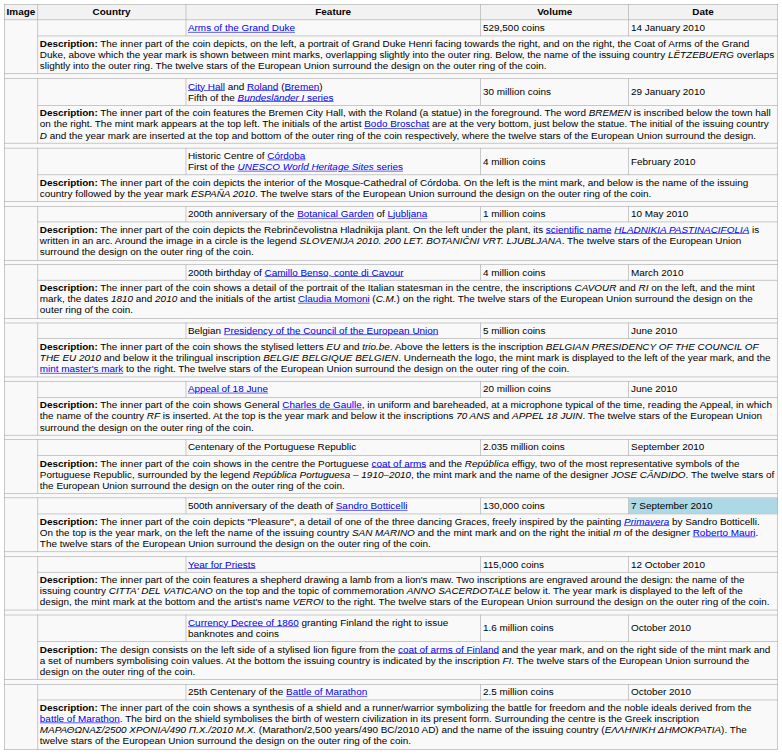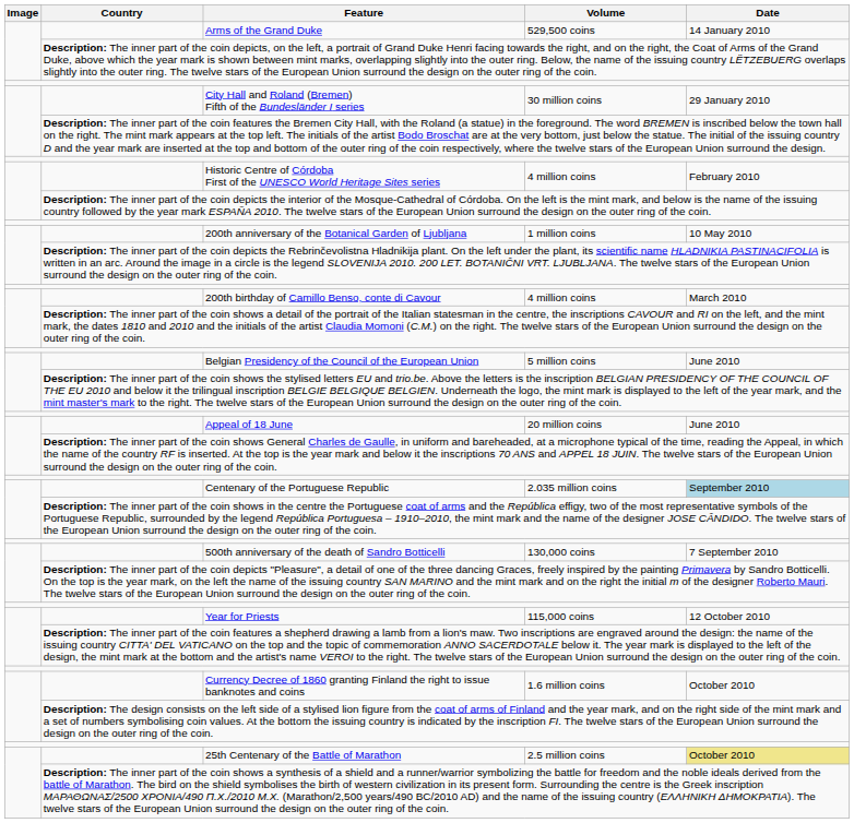 <table class="wikitable">
 <tr>
 <th>Image</th>
 <th>Country</th>
 <th>Feature</th>
 <th>Volume</th>
 <th>Date</th>
 </tr>
 <tr>
 <td style="width:160px;" rowspan="2"></td>
 <td style="width:20%;"></td>
 <td style="width:40%;"><a href='#'>Arms of the Grand Duke</a></td>
 <td style="width:20%;">529,500 coins</td>
 <td style="width:20%;">14 January 2010</td>
 </tr>
 <tr>
 <td colspan="5"><strong>Description:</strong> The inner part of the coin depicts, on the left, a portrait of Grand Duke Henri facing towards the right, and on the right, the Coat of Arms of the Grand Duke, above which the year mark is shown between mint marks, overlapping slightly into the outer ring. Below, the name of the issuing country <em>LËTZEBUERG</em> overlaps slightly into the outer ring. The twelve stars of the European Union surround the design on the outer ring of the coin.</td>
 </tr>
 <tr>
 <td colspan="5"></td>
 </tr>
 <tr>
 <td style="width:160px;" rowspan="2"></td>
 <td style="width:20%;"></td>
 <td style="width:40%;"><a href='#'>City Hall</a> and <a href='#'>Roland</a> (<a href='#'>Bremen</a>)<br>Fifth of the <a href='#'><em>Bundesländer I</em> series</a></td>
 <td style="width:20%;">30 million coins</td>
 <td style="width:20%;">29 January 2010</td>
 </tr>
 <tr>
 <td colspan="5"><strong>Description:</strong> The inner part of the coin features the Bremen City Hall, with the Roland (a statue) in the foreground. The word <em>BREMEN</em> is inscribed below the town hall on the right. The mint mark appears at the top left. The initials of the artist <a href='#'>Bodo Broschat</a> are at the very bottom, just below the statue. The initial of the issuing country <em>D</em> and the year mark are inserted at the top and bottom of the outer ring of the coin respectively, where the twelve stars of the European Union surround the design.</td>
 </tr>
 <tr>
 <td colspan="5"></td>
 </tr>
 <tr>
 <td style="width:160px;" rowspan="2"></td>
 <td style="width:20%;"></td>
 <td style="width:40%;">Historic Centre of <a href='#'>Córdoba</a><br>First of the <a href='#'><em>UNESCO World Heritage Sites</em> series</a></td>
 <td style="width:20%;">4 million coins</td>
 <td style="width:20%;">February 2010</td>
 </tr>
 <tr>
 <td colspan="5"><strong>Description:</strong> The inner part of the coin depicts the interior of the Mosque-Cathedral of Córdoba. On the left is the mint mark, and below is the name of the issuing country followed by the year mark <em>ESPAÑA 2010</em>. The twelve stars of the European Union surround the design on the outer ring of the coin.</td>
 </tr>
 <tr>
 <td colspan="5"></td>
 </tr>
 <tr>
 <td style="width:160px;" rowspan="2"></td>
 <td style="width:20%;"></td>
 <td style="width:40%;">200th anniversary of the <a href='#'>Botanical Garden</a> of <a href='#'>Ljubljana</a></td>
 <td style="width:20%;">1 million coins</td>
 <td style="width:20%;">10 May 2010</td>
 </tr>
 <tr>
 <td colspan="5"><strong>Description:</strong> The inner part of the coin depicts the Rebrinčevolistna Hladnikija plant. On the left under the plant, its <a href='#'>scientific name</a> <em><a href='#'>HLADNIKIA PASTINACIFOLIA</a></em> is written in an arc. Around the image in a circle is the legend <em>SLOVENIJA 2010. 200 LET. BOTANIČNI VRT. LJUBLJANA</em>. The twelve stars of the European Union surround the design on the outer ring of the coin.</td>
 </tr>
 <tr>
 <td colspan="5"></td>
 </tr>
 <tr>
 <td style="width:160px;" rowspan="2"></td>
 <td style="width:20%;"></td>
 <td style="width:40%;">200th birthday of <a href='#'>Camillo Benso, conte di Cavour</a></td>
 <td style="width:20%;">4 million coins</td>
 <td style="width:20%;">March 2010</td>
 </tr>
 <tr>
 <td colspan="5"><strong>Description:</strong> The inner part of the coin shows a detail of the portrait of the Italian statesman in the centre, the inscriptions <em>CAVOUR</em> and <em>RI</em> on the left, and the mint mark, the dates <em>1810</em> and <em>2010</em> and the initials of the artist <a href='#'>Claudia Momoni</a> (<em>C.M.</em>) on the right. The twelve stars of the European Union surround the design on the outer ring of the coin.</td>
 </tr>
 <tr>
 <td colspan="5"></td>
 </tr>
 <tr>
 <td style="width:160px;" rowspan="2"></td>
 <td style="width:20%;"></td>
 <td style="width:40%;">Belgian <a href='#'>Presidency of the Council of the European Union</a></td>
 <td style="width:20%;">5 million coins</td>
 <td style="width:20%;">June 2010</td>
 </tr>
 <tr>
 <td colspan="5"><strong>Description:</strong> The inner part of the coin shows the stylised letters <em>EU</em> and <em>trio.be</em>. Above the letters is the inscription <em>BELGIAN PRESIDENCY OF THE COUNCIL OF THE EU 2010</em> and below it the trilingual inscription <em>BELGIE BELGIQUE BELGIEN</em>. Underneath the logo, the mint mark is displayed to the left of the year mark, and the <a href='#'>mint master's mark</a> to the right. The twelve stars of the European Union surround the design on the outer ring of the coin.</td>
 </tr>
 <tr>
 <td colspan="5"></td>
 </tr>
 <tr>
 <td style="width:160px;" rowspan="2"></td>
 <td style="width:20%;"></td>
 <td style="width:40%;"><a href='#'>Appeal of 18 June</a></td>
 <td style="width:20%;">20 million coins</td>
 <td style="width:20%;">June 2010</td>
 </tr>
 <tr>
 <td colspan="5"><strong>Description:</strong> The inner part of the coin shows General <a href='#'>Charles de Gaulle</a>, in uniform and bareheaded, at a microphone typical of the time, reading the Appeal, in which the name of the country <em>RF</em> is inserted. At the top is the year mark and below it the inscriptions <em>70 ANS</em> and <em>APPEL 18 JUIN</em>. The twelve stars of the European Union surround the design on the outer ring of the coin.</td>
 </tr>
 <tr>
 <td colspan="5"></td>
 </tr>
 <tr>
 <td style="width:160px;" rowspan="2"></td>
 <td style="width:20%;"></td>
 <td style="width:40%;">Centenary of the Portuguese Republic</td>
 <td style="width:20%;">2.035 million coins</td>
-<td style="width:20%;">September 2010</td>
+<td style="background: lightblue; width:20%;">September 2010</td>
 </tr>
 <tr>
 <td colspan="5"><strong>Description:</strong> The inner part of the coin shows in the centre the Portuguese <a href='#'>coat of arms</a> and the <em>República</em> effigy, two of the most representative symbols of the Portuguese Republic, surrounded by the legend <em>República Portuguesa – 1910–2010</em>, the mint mark and the name of the designer <em>JOSE CÂNDIDO</em>. The twelve stars of the European Union surround the design on the outer ring of the coin.</td>
 </tr>
 <tr>
 <td colspan="5"></td>
 </tr>
 <tr>
 <td style="width:160px;" rowspan="2"></td>
 <td style="width:20%;"></td>
 <td style="width:40%;">500th anniversary of the death of <a href='#'>Sandro Botticelli</a></td>
 <td style="width:20%;">130,000 coins</td>
-<td style="background: lightblue; width:20%;">7 September 2010</td>
+<td style="width:20%;">7 September 2010</td>
 </tr>
 <tr>
 <td colspan="5"><strong>Description:</strong> The inner part of the coin depicts "Pleasure", a detail of one of the three dancing Graces, freely inspired by the painting <a href='#'><em>Primavera</em></a> by Sandro Botticelli. On the top is the year mark, on the left the name of the issuing country <em>SAN MARINO</em> and the mint mark and on the right the initial <em>m</em> of the designer <a href='#'>Roberto Mauri</a>. The twelve stars of the European Union surround the design on the outer ring of the coin.</td>
 </tr>
 <tr>
 <td colspan="5"></td>
 </tr>
 <tr>
 <td style="width:160px;" rowspan="2"></td>
 <td style="width:20%;"></td>
 <td style="width:40%;"><a href='#'>Year for Priests</a></td>
 <td style="width:20%;">115,000 coins</td>
 <td style="width:20%;">12 October 2010</td>
 </tr>
 <tr>
 <td colspan="5"><strong>Description:</strong> The inner part of the coin features a shepherd drawing a lamb from a lion's maw. Two inscriptions are engraved around the design: the name of the issuing country <em>CITTA' DEL VATICANO</em> on the top and the topic of commemoration <em>ANNO SACERDOTALE</em> below it. The year mark is displayed to the left of the design, the mint mark at the bottom and the artist's name <em>VEROI</em> to the right. The twelve stars of the European Union surround the design on the outer ring of the coin.</td>
 </tr>
 <tr>
 <td colspan="5"></td>
 </tr>
 <tr>
 <td style="width:160px;" rowspan="2"></td>
 <td style="width:20%;"></td>
 <td style="width:40%;"><a href='#'>Currency Decree of 1860</a> granting Finland the right to issue banknotes and coins</td>
 <td style="width:20%;">1.6 million coins</td>
 <td style="width:20%;">October 2010</td>
 </tr>
 <tr>
 <td colspan="5"><strong>Description:</strong> The design consists on the left side of a stylised lion figure from the <a href='#'>coat of arms of Finland</a> and the year mark, and on the right side of the mint mark and a set of numbers symbolising coin values. At the bottom the issuing country is indicated by the inscription <em>FI</em>. The twelve stars of the European Union surround the design on the outer ring of the coin.</td>
 </tr>
 <tr>
 <td colspan="5"></td>
 </tr>
 <tr>
 <td style="width:160px;" rowspan="2"></td>
 <td style="width:20%;"></td>
 <td style="width:40%;">25th Centenary of the <a href='#'>Battle of Marathon</a></td>
 <td style="width:20%;">2.5 million coins</td>
-<td style="width:20%;">October 2010</td>
+<td style="background: khaki; width:20%;">October 2010</td>
 </tr>
 <tr>
 <td colspan="5"><strong>Description:</strong> The inner part of the coin shows a synthesis of a shield and a runner/warrior symbolizing the battle for freedom and the noble ideals derived from the <a href='#'>battle of Marathon</a>. The bird on the shield symbolises the birth of western civilization in its present form. Surrounding the centre is the Greek inscription <em>ΜΑΡΑΘΩΝΑΣ/2500 ΧΡΟΝΙΑ/490 Π.Χ./2010 Μ.Χ.</em> (Marathon/2,500 years/490 BC/2010 AD) and the name of the issuing country (<em>ΕΛΛΗΝΙΚΗ ΔΗΜΟΚΡΑΤΙΑ</em>). The twelve stars of the European Union surround the design on the outer ring of the coin.</td>
 </tr>
 </table>
